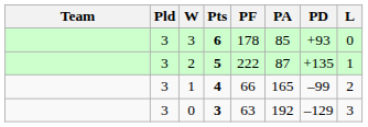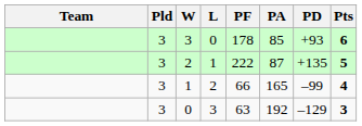 <table class="wikitable" style="text-align:center;">
 <tr>
 <th width=150>Team</th>
 <th width=20>Pld</th>
 <th width=20>W</th>
-<th width=20>Pts</th>
+<th width=20>L</th>
 <th width=30>PF</th>
 <th width=30>PA</th>
 <th width=30>PD</th>
-<th width=20>L</th>
+<th width=20>Pts</th>
 </tr>
 <tr bgcolor=#ccffcc>
 <td align=left></td>
 <td>3</td>
 <td>3</td>
-<td><strong>6</strong></td>
+<td>0</td>
 <td>178</td>
 <td>85</td>
 <td>+93</td>
-<td>0</td>
+<td><strong>6</strong></td>
 </tr>
 <tr bgcolor=#ccffcc>
 <td align=left></td>
 <td>3</td>
 <td>2</td>
-<td><strong>5</strong></td>
+<td>1</td>
 <td>222</td>
 <td>87</td>
 <td>+135</td>
-<td>1</td>
+<td><strong>5</strong></td>
 </tr>
 <tr>
 <td align=left></td>
 <td>3</td>
 <td>1</td>
-<td><strong>4</strong></td>
+<td>2</td>
 <td>66</td>
 <td>165</td>
 <td>–99</td>
-<td>2</td>
+<td><strong>4</strong></td>
 </tr>
 <tr>
 <td align=left></td>
 <td>3</td>
 <td>0</td>
-<td><strong>3</strong></td>
+<td>3</td>
 <td>63</td>
 <td>192</td>
 <td>–129</td>
-<td>3</td>
+<td><strong>3</strong></td>
 </tr>
 </table>
